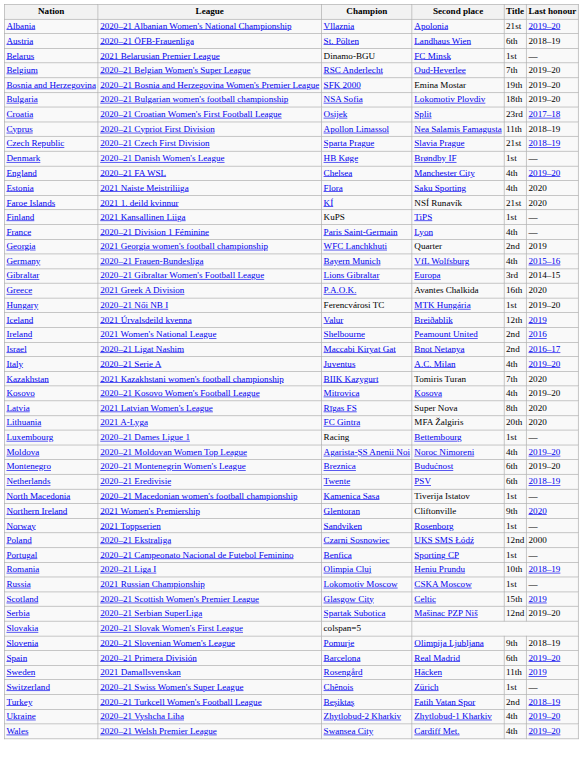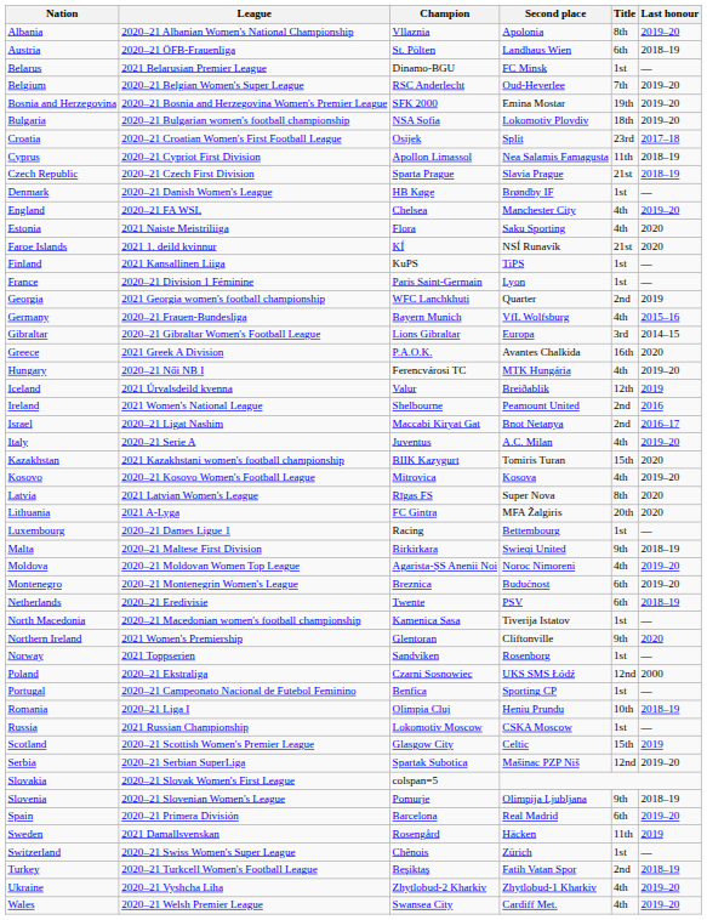 <table class=wikitable style="font-size:14px">
 <tr>
 <th>Nation</th>
 <th>League</th>
 <th>Champion</th>
 <th>Second place</th>
 <th data-sort-type="number">Title</th>
 <th>Last honour</th>
 </tr>
 <tr>
 <td align=left> <a href='#'>Albania</a></td>
 <td align=left><a href='#'>2020–21 Albanian Women's National Championship</a></td>
 <td><a href='#'>Vllaznia</a></td>
 <td><a href='#'>Apolonia</a></td>
-<td>21st</td>
+<td>8th</td>
 <td><a href='#'>2019–20</a></td>
 </tr>
 <tr>
 <td align=left> <a href='#'>Austria</a></td>
 <td align=left><a href='#'>2020–21 ÖFB-Frauenliga</a></td>
 <td><a href='#'>St. Pölten</a></td>
 <td><a href='#'>Landhaus Wien</a></td>
 <td>6th</td>
 <td>2018–19</td>
 </tr>
 <tr>
 <td align=left> <a href='#'>Belarus</a></td>
 <td align=left><a href='#'>2021 Belarusian Premier League</a></td>
 <td>Dinamo-BGU</td>
 <td><a href='#'>FC Minsk</a></td>
 <td>1st</td>
 <td>—</td>
 </tr>
 <tr>
 <td align=left> <a href='#'>Belgium</a></td>
 <td align=left><a href='#'>2020–21 Belgian Women's Super League</a></td>
 <td><a href='#'>RSC Anderlecht</a></td>
 <td><a href='#'>Oud-Heverlee</a></td>
 <td>7th</td>
 <td>2019–20</td>
 </tr>
 <tr>
 <td align=left> <a href='#'>Bosnia and Herzegovina</a></td>
 <td align=left><a href='#'>2020–21 Bosnia and Herzegovina Women's Premier League</a></td>
 <td><a href='#'>SFK 2000</a></td>
 <td>Emina Mostar</td>
 <td>19th</td>
 <td>2019–20</td>
 </tr>
 <tr>
 <td align=left> <a href='#'>Bulgaria</a></td>
 <td align=left><a href='#'>2020–21 Bulgarian women's football championship</a></td>
 <td><a href='#'>NSA Sofia</a></td>
 <td><a href='#'>Lokomotiv Plovdiv</a></td>
 <td>18th</td>
 <td>2019–20</td>
 </tr>
 <tr>
 <td align=left> <a href='#'>Croatia</a></td>
 <td align=left><a href='#'>2020–21 Croatian Women's First Football League</a></td>
 <td><a href='#'>Osijek</a></td>
 <td><a href='#'>Split</a></td>
 <td>23rd</td>
 <td><a href='#'>2017–18</a></td>
 </tr>
 <tr>
 <td align=left> <a href='#'>Cyprus</a></td>
 <td align=left><a href='#'>2020–21 Cypriot First Division</a></td>
 <td><a href='#'>Apollon Limassol</a></td>
 <td><a href='#'>Nea Salamis Famagusta</a></td>
 <td>11th</td>
 <td>2018–19</td>
 </tr>
 <tr>
 <td align=left> <a href='#'>Czech Republic</a></td>
 <td align=left><a href='#'>2020–21 Czech First Division</a></td>
 <td><a href='#'>Sparta Prague</a></td>
 <td><a href='#'>Slavia Prague</a></td>
 <td>21st</td>
 <td><a href='#'>2018–19</a></td>
 </tr>
 <tr>
 <td align=left> <a href='#'>Denmark</a></td>
 <td align=left><a href='#'>2020–21 Danish Women's League</a></td>
 <td><a href='#'>HB Køge</a></td>
 <td><a href='#'>Brøndby IF</a></td>
 <td>1st</td>
 <td>—</td>
 </tr>
 <tr>
 <td align=left> <a href='#'>England</a></td>
 <td align=left><a href='#'>2020–21 FA WSL</a></td>
 <td><a href='#'>Chelsea</a></td>
 <td><a href='#'>Manchester City</a></td>
 <td>4th</td>
 <td><a href='#'>2019–20</a></td>
 </tr>
 <tr>
 <td align=left> <a href='#'>Estonia</a></td>
 <td align=left><a href='#'>2021 Naiste Meistriliiga</a></td>
 <td><a href='#'>Flora</a></td>
 <td><a href='#'>Saku Sporting</a></td>
 <td>4th</td>
 <td>2020</td>
 </tr>
 <tr>
 <td align=left> <a href='#'>Faroe Islands</a></td>
 <td align=left><a href='#'>2021 1. deild kvinnur</a></td>
 <td><a href='#'>KÍ</a></td>
 <td>NSÍ Runavík</td>
 <td>21st</td>
 <td>2020</td>
 </tr>
 <tr>
 <td align=left> <a href='#'>Finland</a></td>
 <td align=left><a href='#'>2021 Kansallinen Liiga</a></td>
 <td>KuPS</td>
 <td><a href='#'>TiPS</a></td>
 <td>1st</td>
 <td>—</td>
 </tr>
 <tr>
 <td align=left> <a href='#'>France</a></td>
 <td align=left><a href='#'>2020–21 Division 1 Féminine</a></td>
 <td><a href='#'>Paris Saint-Germain</a></td>
 <td><a href='#'>Lyon</a></td>
-<td>4th</td>
+<td>1st</td>
 <td>—</td>
 </tr>
 <tr>
 <td align=left> <a href='#'>Georgia</a></td>
 <td align=left><a href='#'>2021 Georgia women's football championship</a></td>
 <td><a href='#'>WFC Lanchkhuti</a></td>
 <td>Quarter</td>
 <td>2nd</td>
 <td>2019</td>
 </tr>
 <tr>
 <td align=left> <a href='#'>Germany</a></td>
 <td align=left><a href='#'>2020–21 Frauen-Bundesliga</a></td>
 <td><a href='#'>Bayern Munich</a></td>
 <td><a href='#'>VfL Wolfsburg</a></td>
 <td>4th</td>
 <td><a href='#'>2015–16</a></td>
 </tr>
 <tr>
 <td align=left> <a href='#'>Gibraltar</a></td>
 <td align=left><a href='#'>2020–21 Gibraltar Women's Football League</a></td>
 <td><a href='#'>Lions Gibraltar</a></td>
 <td><a href='#'>Europa</a></td>
 <td>3rd</td>
 <td>2014–15</td>
 </tr>
 <tr>
 <td align=left> <a href='#'>Greece</a></td>
 <td align=left><a href='#'>2021 Greek A Division</a></td>
 <td><a href='#'>P.A.O.K.</a></td>
 <td>Avantes Chalkida</td>
 <td>16th</td>
 <td>2020</td>
 </tr>
 <tr>
 <td align=left> <a href='#'>Hungary</a></td>
 <td align=left><a href='#'>2020–21 Női NB I</a></td>
 <td>Ferencvárosi TC</td>
 <td><a href='#'>MTK Hungária</a></td>
-<td>1st</td>
+<td>4th</td>
 <td>2019–20</td>
 </tr>
 <tr>
 <td align=left> <a href='#'>Iceland</a></td>
 <td align=left><a href='#'>2021 Úrvalsdeild kvenna</a></td>
 <td><a href='#'>Valur</a></td>
 <td><a href='#'>Breiðablik</a></td>
 <td>12th</td>
 <td><a href='#'>2019</a></td>
 </tr>
 <tr>
 <td align=left> <a href='#'>Ireland</a></td>
 <td align=left><a href='#'>2021 Women's National League</a></td>
 <td><a href='#'>Shelbourne</a></td>
 <td><a href='#'>Peamount United</a></td>
 <td>2nd</td>
 <td><a href='#'>2016</a></td>
 </tr>
 <tr>
 <td align=left> <a href='#'>Israel</a></td>
 <td align=left><a href='#'>2020–21 Ligat Nashim</a></td>
 <td><a href='#'>Maccabi Kiryat Gat</a></td>
 <td><a href='#'>Bnot Netanya</a></td>
 <td>2nd</td>
 <td><a href='#'>2016–17</a></td>
 </tr>
 <tr>
 <td align=left> <a href='#'>Italy</a></td>
 <td align=left><a href='#'>2020–21 Serie A</a></td>
 <td><a href='#'>Juventus</a></td>
 <td><a href='#'>A.C. Milan</a></td>
 <td>4th</td>
 <td><a href='#'>2019–20</a></td>
 </tr>
 <tr>
 <td align=left> <a href='#'>Kazakhstan</a></td>
 <td align=left><a href='#'>2021 Kazakhstani women's football championship</a></td>
 <td><a href='#'>BIIK Kazygurt</a></td>
 <td>Tomiris Turan</td>
-<td>7th</td>
+<td>15th</td>
 <td>2020</td>
 </tr>
 <tr>
 <td align=left> <a href='#'>Kosovo</a></td>
 <td align=left><a href='#'>2020–21 Kosovo Women's Football League</a></td>
 <td><a href='#'>Mitrovica</a></td>
 <td><a href='#'>Kosova</a></td>
 <td>4th</td>
 <td>2019–20</td>
 </tr>
 <tr>
 <td align=left> <a href='#'>Latvia</a></td>
 <td align=left><a href='#'>2021 Latvian Women's League</a></td>
 <td><a href='#'>Rīgas FS</a></td>
 <td>Super Nova</td>
 <td>8th</td>
 <td>2020</td>
 </tr>
 <tr>
 <td align=left> <a href='#'>Lithuania</a></td>
 <td align=left><a href='#'>2021 A-Lyga</a></td>
 <td><a href='#'>FC Gintra</a></td>
 <td>MFA Žalgiris</td>
 <td>20th</td>
 <td>2020</td>
 </tr>
 <tr>
 <td align=left> <a href='#'>Luxembourg</a></td>
 <td align=left><a href='#'>2020–21 Dames Ligue 1</a></td>
 <td>Racing</td>
 <td><a href='#'>Bettembourg</a></td>
 <td>1st</td>
 <td>—</td>
+</tr>
+<tr>
+<td align=left> <a href='#'>Malta</a></td>
+<td align=left><a href='#'>2020–21 Maltese First Division</a></td>
+<td><a href='#'>Birkirkara</a></td>
+<td><a href='#'>Swieqi United</a></td>
+<td>9th</td>
+<td>2018–19</td>
 </tr>
 <tr>
 <td align=left> <a href='#'>Moldova</a></td>
 <td align=left><a href='#'>2020–21 Moldovan Women Top League</a></td>
 <td><a href='#'>Agarista-ȘS Anenii Noi</a></td>
 <td><a href='#'>Noroc Nimoreni</a></td>
 <td>4th</td>
 <td><a href='#'>2019–20</a></td>
 </tr>
 <tr>
 <td align=left> <a href='#'>Montenegro</a></td>
 <td align=left><a href='#'>2020–21 Montenegrin Women's League</a></td>
 <td><a href='#'>Breznica</a></td>
 <td><a href='#'>Budućnost</a></td>
 <td>6th</td>
 <td>2019–20</td>
 </tr>
 <tr>
 <td align=left> <a href='#'>Netherlands</a></td>
 <td align=left><a href='#'>2020–21 Eredivisie</a></td>
 <td><a href='#'>Twente</a></td>
 <td><a href='#'>PSV</a></td>
 <td>6th</td>
 <td><a href='#'>2018–19</a></td>
 </tr>
 <tr>
 <td align=left> <a href='#'>North Macedonia</a></td>
 <td align=left><a href='#'>2020–21 Macedonian women's football championship</a></td>
 <td><a href='#'>Kamenica Sasa</a></td>
 <td>Tiverija Istatov</td>
 <td>1st</td>
 <td>—</td>
 </tr>
 <tr>
 <td align=left> <a href='#'>Northern Ireland</a></td>
 <td align=left><a href='#'>2021 Women's Premiership</a></td>
 <td><a href='#'>Glentoran</a></td>
 <td>Cliftonville</td>
 <td>9th</td>
 <td><a href='#'>2020</a></td>
 </tr>
 <tr>
 <td align=left> <a href='#'>Norway</a></td>
 <td align=left><a href='#'>2021 Toppserien</a></td>
 <td><a href='#'>Sandviken</a></td>
 <td><a href='#'>Rosenborg</a></td>
 <td>1st</td>
 <td>—</td>
 </tr>
 <tr>
 <td align=left> <a href='#'>Poland</a></td>
 <td align=left><a href='#'>2020–21 Ekstraliga</a></td>
 <td><a href='#'>Czarni Sosnowiec</a></td>
 <td><a href='#'>UKS SMS Łódź</a></td>
 <td>12nd</td>
 <td>2000</td>
 </tr>
 <tr>
 <td align=left> <a href='#'>Portugal</a></td>
 <td align=left><a href='#'>2020–21 Campeonato Nacional de Futebol Feminino</a></td>
 <td><a href='#'>Benfica</a></td>
 <td><a href='#'>Sporting CP</a></td>
 <td>1st</td>
 <td>—</td>
 </tr>
 <tr>
 <td align=left> <a href='#'>Romania</a></td>
 <td align=left><a href='#'>2020–21 Liga I</a></td>
 <td><a href='#'>Olimpia Cluj</a></td>
 <td><a href='#'>Heniu Prundu</a></td>
 <td>10th</td>
 <td><a href='#'>2018–19</a></td>
 </tr>
 <tr>
 <td align=left> <a href='#'>Russia</a></td>
 <td align=left><a href='#'>2021 Russian Championship</a></td>
 <td><a href='#'>Lokomotiv Moscow</a></td>
 <td><a href='#'>CSKA Moscow</a></td>
 <td>1st</td>
 <td>—</td>
 </tr>
 <tr>
 <td align=left> <a href='#'>Scotland</a></td>
 <td align=left><a href='#'>2020–21 Scottish Women's Premier League</a></td>
 <td><a href='#'>Glasgow City</a></td>
 <td><a href='#'>Celtic</a></td>
 <td>15th</td>
 <td><a href='#'>2019</a></td>
 </tr>
 <tr>
 <td align=left> <a href='#'>Serbia</a></td>
 <td align=left><a href='#'>2020–21 Serbian SuperLiga</a></td>
 <td><a href='#'>Spartak Subotica</a></td>
 <td><a href='#'>Mašinac PZP Niš</a></td>
 <td>12nd</td>
 <td>2019–20</td>
 </tr>
 <tr>
 <td align=left> <a href='#'>Slovakia</a></td>
 <td align=left><a href='#'>2020–21 Slovak Women's First League</a></td>
 <td>colspan=5 </td>
 </tr>
 <tr>
 <td align=left> <a href='#'>Slovenia</a></td>
 <td align=left><a href='#'>2020–21 Slovenian Women's League</a></td>
 <td><a href='#'>Pomurje</a></td>
 <td><a href='#'>Olimpija Ljubljana</a></td>
 <td>9th</td>
 <td>2018–19</td>
 </tr>
 <tr>
 <td align=left> <a href='#'>Spain</a></td>
 <td align=left><a href='#'>2020–21 Primera División</a></td>
 <td><a href='#'>Barcelona</a></td>
 <td><a href='#'>Real Madrid</a></td>
 <td>6th</td>
 <td><a href='#'>2019–20</a></td>
 </tr>
 <tr>
 <td align=left> <a href='#'>Sweden</a></td>
 <td align=left><a href='#'>2021 Damallsvenskan</a></td>
 <td><a href='#'>Rosengård</a></td>
 <td><a href='#'>Häcken</a></td>
 <td>11th</td>
 <td><a href='#'>2019</a></td>
 </tr>
 <tr>
 <td align=left> <a href='#'>Switzerland</a></td>
 <td align=left><a href='#'>2020–21 Swiss Women's Super League</a></td>
 <td><a href='#'>Chênois</a></td>
 <td><a href='#'>Zürich</a></td>
 <td>1st</td>
 <td>—</td>
 </tr>
 <tr>
 <td align=left> <a href='#'>Turkey</a></td>
 <td align=left><a href='#'>2020–21 Turkcell Women's Football League</a></td>
 <td><a href='#'>Beşiktaş</a></td>
 <td><a href='#'>Fatih Vatan Spor</a></td>
 <td>2nd</td>
 <td><a href='#'>2018–19</a></td>
 </tr>
 <tr>
 <td align=left> <a href='#'>Ukraine</a></td>
 <td align=left><a href='#'>2020–21 Vyshcha Liha</a></td>
 <td><a href='#'>Zhytlobud-2 Kharkiv</a></td>
 <td><a href='#'>Zhytlobud-1 Kharkiv</a></td>
 <td>4th</td>
 <td><a href='#'>2019–20</a></td>
 </tr>
 <tr>
 <td align=left> <a href='#'>Wales</a></td>
 <td align=left><a href='#'>2020–21 Welsh Premier League</a></td>
 <td><a href='#'>Swansea City</a></td>
 <td><a href='#'>Cardiff Met.</a></td>
 <td>4th</td>
 <td><a href='#'>2019–20</a></td>
 </tr>
 </table>
